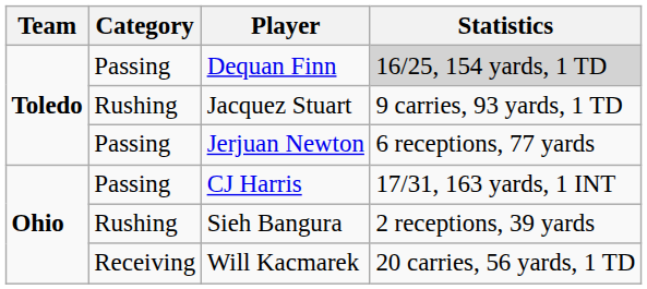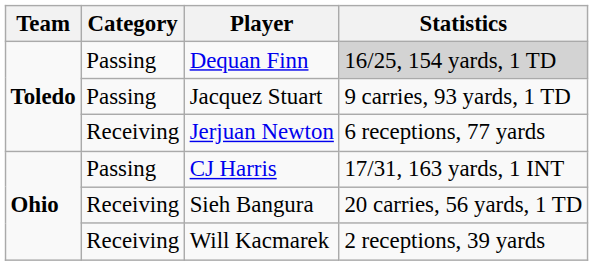 <table class="wikitable" style="float: right;">
 <tr>
 <th>Team</th>
 <th>Category</th>
 <th>Player</th>
 <th>Statistics</th>
 </tr>
 <tr>
 <td rowspan=3><strong>Toledo</strong></td>
 <td>Passing</td>
 <td><a href='#'>Dequan Finn</a></td>
 <td style="background: lightgrey;">16/25, 154 yards, 1 TD</td>
 </tr>
 <tr>
-<td>Rushing</td>
+<td>Passing</td>
 <td>Jacquez Stuart</td>
 <td>9 carries, 93 yards, 1 TD</td>
 </tr>
 <tr>
-<td>Passing</td>
+<td>Receiving</td>
 <td><a href='#'>Jerjuan Newton</a></td>
 <td>6 receptions, 77 yards</td>
 </tr>
 <tr>
 <td rowspan=3><strong>Ohio</strong></td>
 <td>Passing</td>
 <td><a href='#'>CJ Harris</a></td>
 <td>17/31, 163 yards, 1 INT</td>
 </tr>
 <tr>
-<td>Rushing</td>
+<td>Receiving</td>
 <td>Sieh Bangura</td>
-<td>2 receptions, 39 yards</td>
+<td>20 carries, 56 yards, 1 TD</td>
 </tr>
 <tr>
 <td>Receiving</td>
 <td>Will Kacmarek</td>
-<td>20 carries, 56 yards, 1 TD</td>
+<td>2 receptions, 39 yards</td>
 </tr>
 </table>
